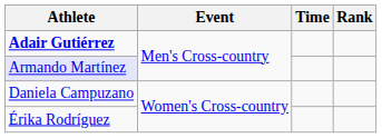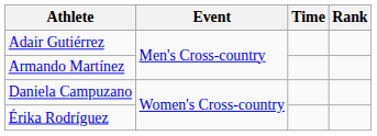 <table class=wikitable style="font-size:90%">
 <tr>
 <th>Athlete</th>
 <th>Event</th>
 <th>Time</th>
 <th>Rank</th>
 </tr>
 <tr>
-<td><strong><a href='#'>Adair Gutiérrez</a></strong></td>
+<td><a href='#'>Adair Gutiérrez</a></td>
 <td rowspan=2><a href='#'>Men's Cross-country</a></td>
 <td></td>
 <td></td>
 </tr>
 <tr>
-<td style="background: lavender;"><a href='#'>Armando Martínez</a></td>
+<td><a href='#'>Armando Martínez</a></td>
 <td></td>
 <td></td>
 </tr>
 <tr>
 <td><a href='#'>Daniela Campuzano</a></td>
 <td rowspan=2><a href='#'>Women's Cross-country</a></td>
 <td></td>
 <td></td>
 </tr>
 <tr>
 <td><a href='#'>Érika Rodríguez</a></td>
 <td></td>
 <td></td>
 </tr>
 </table>
